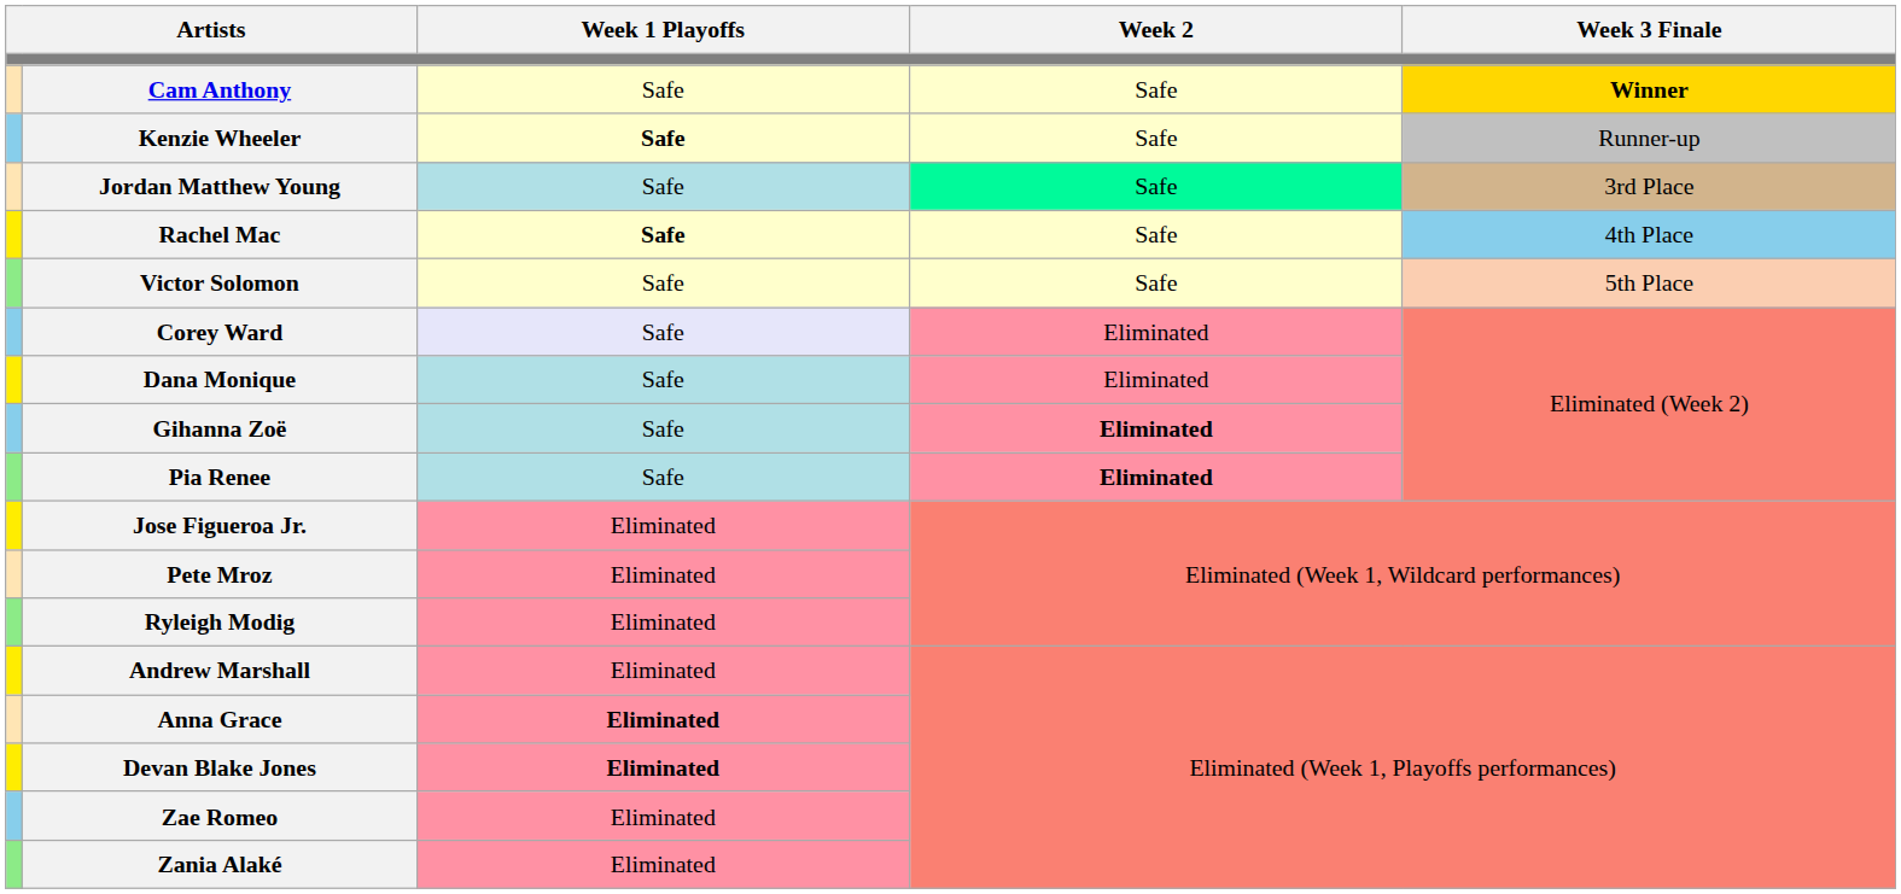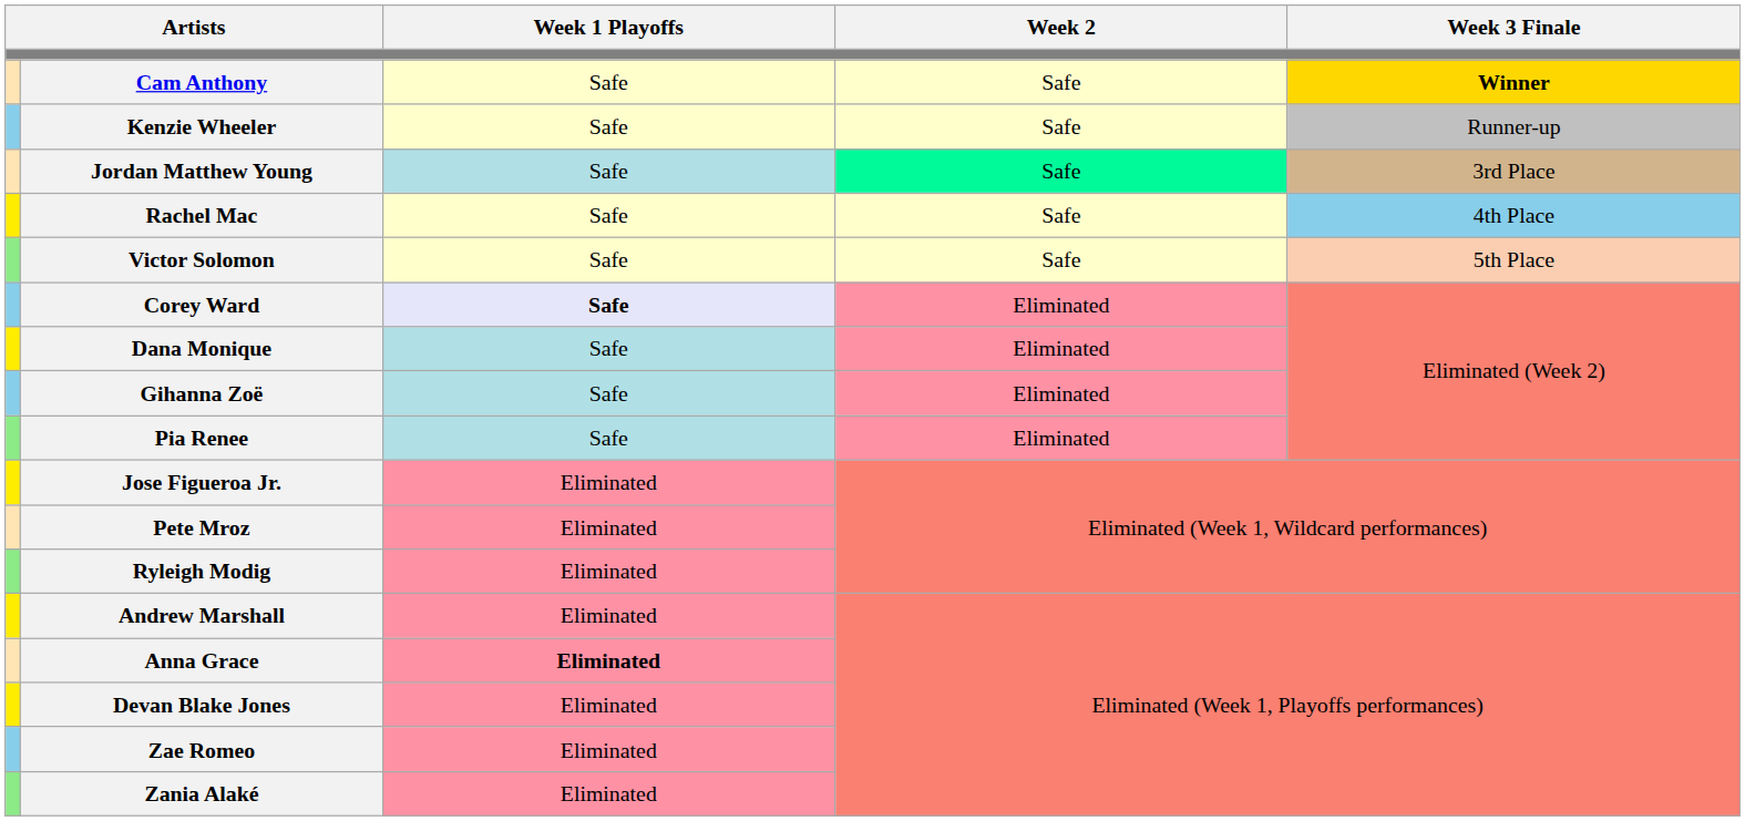 <table class="wikitable" style="text-align:center; line-height:25px; width:100%">
 <tr>
 <th colspan="2" width="20%">Artists</th>
 <th style="width:24%">Week 1 Playoffs</th>
 <th style="width:24%">Week 2</th>
 <th style="width:24%">Week 3 Finale</th>
 </tr>
 <tr>
 <th colspan="9" style="background:gray"></th>
 </tr>
 <tr>
 <th style="background:#ffe5b4"></th>
 <th scope="row"><a href='#'>Cam Anthony</a></th>
 <td style="background:#FFFFCC">Safe</td>
 <td style="background:#FFFFCC">Safe</td>
 <td style="background:gold"><strong>Winner</strong></td>
 </tr>
 <tr>
 <th style="background:#87ceeb"></th>
 <th scope="row">Kenzie Wheeler</th>
-<td style="background:#FFFFCC"><strong>Safe</strong></td>
+<td style="background:#FFFFCC">Safe</td>
 <td style="background:#FFFFCC">Safe</td>
 <td style="background:silver">Runner-up</td>
 </tr>
 <tr>
 <th style="background:#ffe5b4"></th>
 <th scope="row">Jordan Matthew Young</th>
 <td style="background:#B0E0E6">Safe</td>
 <td style="background:#00FA9A">Safe</td>
 <td style="background:tan">3rd Place</td>
 </tr>
 <tr>
 <th style="background:#ffed00"></th>
 <th scope="row">Rachel Mac</th>
-<td style="background:#FFFFCC"><strong>Safe</strong></td>
+<td style="background:#FFFFCC">Safe</td>
 <td style="background:#FFFFCC">Safe</td>
 <td style="background:skyblue">4th Place</td>
 </tr>
 <tr>
 <th style="background:#8ceb87"></th>
 <th scope="row">Victor Solomon</th>
 <td style="background:#FFFFCC">Safe</td>
 <td style="background:#FFFFCC">Safe</td>
 <td style="background:#fbceb1">5th Place</td>
 </tr>
 <tr>
 <th style="background:#87ceeb"></th>
 <th scope="row">Corey Ward</th>
-<td style="background:lavender">Safe</td>
+<td style="background:lavender"><strong>Safe</strong></td>
 <td style="background:#FF91A4">Eliminated</td>
 <td style="background:salmon" rowspan="4">Eliminated (Week 2)</td>
 </tr>
 <tr>
 <th style="background:#ffed00"></th>
 <th scope="row">Dana Monique</th>
 <td style="background:#B0E0E6">Safe</td>
 <td style="background:#FF91A4">Eliminated</td>
 </tr>
 <tr>
 <th style="background:#87ceeb"></th>
 <th scope="row">Gihanna Zoë</th>
 <td style="background:#B0E0E6">Safe</td>
-<td style="background:#FF91A4"><strong>Eliminated</strong></td>
+<td style="background:#FF91A4">Eliminated</td>
 </tr>
 <tr>
 <th style="background:#8ceb87"></th>
 <th scope="row">Pia Renee</th>
 <td style="background:#B0E0E6">Safe</td>
-<td style="background:#FF91A4"><strong>Eliminated</strong></td>
+<td style="background:#FF91A4">Eliminated</td>
 </tr>
 <tr>
 <th style="background:#ffed00"></th>
 <th scope="row">Jose Figueroa Jr.</th>
 <td style="background:#FF91A4">Eliminated</td>
 <td style="background:salmon" rowspan="3" colspan="2">Eliminated (Week 1, Wildcard performances)</td>
 </tr>
 <tr>
 <th style="background:#ffe5b4"></th>
 <th scope="row">Pete Mroz</th>
 <td style="background:#FF91A4">Eliminated</td>
 </tr>
 <tr>
 <th style="background:#8ceb87"></th>
 <th scope="row">Ryleigh Modig</th>
 <td style="background:#FF91A4">Eliminated</td>
 </tr>
 <tr>
 <th style="background:#ffed00"></th>
 <th scope="row">Andrew Marshall</th>
 <td style="background:#FF91A4">Eliminated</td>
 <td style="background:salmon" rowspan="5" colspan="2">Eliminated (Week 1, Playoffs performances)</td>
 </tr>
 <tr>
 <th style="background:#ffe5b4"></th>
 <th scope="row">Anna Grace</th>
 <td style="background:#FF91A4"><strong>Eliminated</strong></td>
 </tr>
 <tr>
 <th style="background:#ffed00"></th>
 <th scope="row">Devan Blake Jones</th>
-<td style="background:#FF91A4"><strong>Eliminated</strong></td>
+<td style="background:#FF91A4">Eliminated</td>
 </tr>
 <tr>
 <th style="background:#87ceeb"></th>
 <th scope="row">Zae Romeo</th>
 <td style="background:#FF91A4">Eliminated</td>
 </tr>
 <tr>
 <th style="background:#8ceb87"></th>
 <th scope="row">Zania Alaké</th>
 <td style="background:#FF91A4">Eliminated</td>
 </tr>
 </table>
